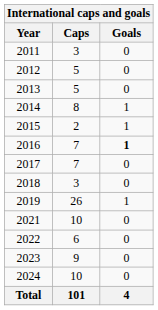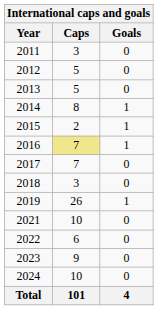 <table class="wikitable sortable" style="text-align:center">
 <tr>
 <th colspan="3">International caps and goals</th>
 </tr>
 <tr>
 <th>Year</th>
 <th>Caps</th>
 <th>Goals</th>
 </tr>
 <tr>
 <td>2011</td>
 <td>3</td>
 <td>0</td>
 </tr>
 <tr>
 <td>2012</td>
 <td>5</td>
 <td>0</td>
 </tr>
 <tr>
 <td>2013</td>
 <td>5</td>
 <td>0</td>
 </tr>
 <tr>
 <td>2014</td>
 <td>8</td>
 <td>1</td>
 </tr>
 <tr>
 <td>2015</td>
 <td>2</td>
 <td>1</td>
 </tr>
 <tr>
 <td>2016</td>
-<td>7</td>
-<td><strong>1</strong></td>
+<td style="background: khaki;">7</td>
+<td>1</td>
 </tr>
 <tr>
 <td>2017</td>
 <td>7</td>
 <td>0</td>
 </tr>
 <tr>
 <td>2018</td>
 <td>3</td>
 <td>0</td>
 </tr>
 <tr>
 <td>2019</td>
 <td>26</td>
 <td>1</td>
 </tr>
 <tr>
 <td>2021</td>
 <td>10</td>
 <td>0</td>
 </tr>
 <tr>
 <td>2022</td>
 <td>6</td>
 <td>0</td>
 </tr>
 <tr>
 <td>2023</td>
 <td>9</td>
 <td>0</td>
 </tr>
 <tr>
 <td>2024</td>
 <td>10</td>
 <td>0</td>
 </tr>
 <tr>
 <th>Total</th>
 <th>101</th>
 <th>4</th>
 </tr>
 </table>
